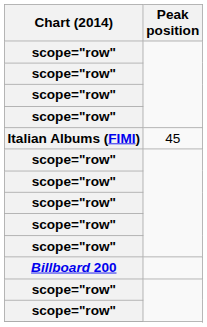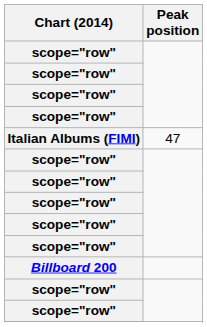 <table class="wikitable sortable plainrowheaders" style="text-align:center">
 <tr>
 <th scope="col">Chart (2014)</th>
 <th scope="col">Peak<br>position</th>
 </tr>
 <tr>
 <th>scope="row"</th>
 </tr>
 <tr>
 <th>scope="row"</th>
 </tr>
 <tr>
 <th>scope="row"</th>
 </tr>
 <tr>
 <th>scope="row"</th>
 </tr>
 <tr>
 <th scope="row">Italian Albums (<a href='#'>FIMI</a>)</th>
-<td style="text-align:center;">45</td>
+<td style="text-align:center;">47</td>
 </tr>
 <tr>
 <th>scope="row"</th>
 </tr>
 <tr>
 <th>scope="row"</th>
 </tr>
 <tr>
 <th>scope="row"</th>
 </tr>
 <tr>
 <th>scope="row"</th>
 </tr>
 <tr>
 <th>scope="row"</th>
 </tr>
 <tr>
 <th scope="row"><a href='#'><em>Billboard</em> 200</a></th>
 <td></td>
 </tr>
 <tr>
 <th>scope="row"</th>
 </tr>
 <tr>
 <th>scope="row"</th>
 </tr>
 <tr>
 </tr>
 </table>
